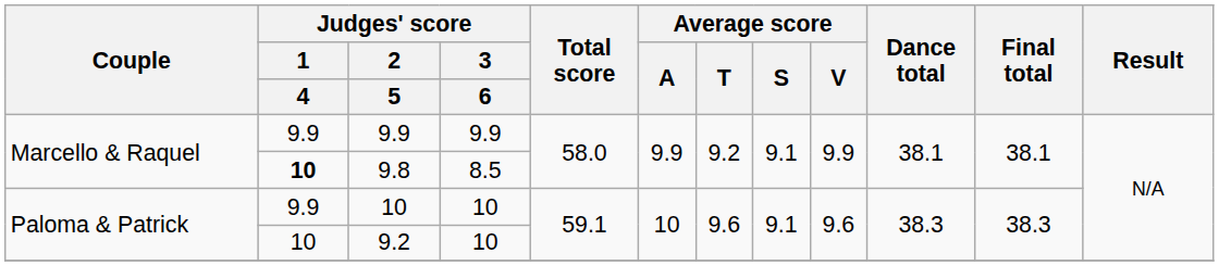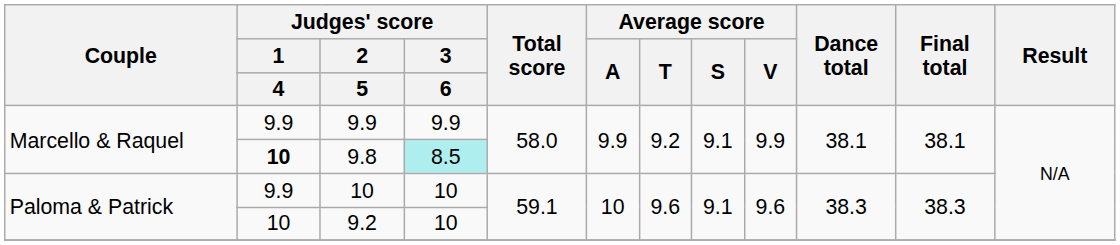 <table class="wikitable" style="font-size:90%; line-height:16px; text-align:center" width="85%">
 <tr>
 <th rowspan=3 width=150>Couple</th>
 <th colspan=3 width=200>Judges' score</th>
 <th rowspan=3 width=060>Total score</th>
 <th colspan=4 width=150>Average score</th>
 <th rowspan=3 width=060>Dance total</th>
 <th rowspan=3 width=060>Final total</th>
 <th rowspan=3 width=075>Result</th>
 </tr>
 <tr>
 <th>1</th>
 <th>2</th>
 <th>3</th>
 <th rowspan=2>A</th>
 <th rowspan=2>T</th>
 <th rowspan=2>S</th>
 <th rowspan=2>V</th>
 </tr>
 <tr>
 <th>4</th>
 <th>5</th>
 <th>6</th>
 </tr>
 <tr>
 <td align="left" rowspan=2>Marcello & Raquel</td>
 <td>9.9</td>
 <td>9.9</td>
 <td>9.9</td>
 <td rowspan=2>58.0</td>
 <td rowspan=2>9.9</td>
 <td rowspan=2>9.2</td>
 <td rowspan=2>9.1</td>
 <td rowspan=2>9.9</td>
 <td rowspan=2>38.1</td>
 <td rowspan=2>38.1</td>
 <td rowspan=4><small>N/A</small></td>
 </tr>
 <tr>
 <td><strong>10</strong></td>
 <td>9.8</td>
-<td>8.5</td>
+<td style="background: paleturquoise;">8.5</td>
 </tr>
 <tr>
 <td align="left" rowspan=2>Paloma & Patrick</td>
 <td>9.9</td>
 <td>10</td>
 <td>10</td>
 <td rowspan=2>59.1</td>
 <td rowspan=2>10</td>
 <td rowspan=2>9.6</td>
 <td rowspan=2>9.1</td>
 <td rowspan=2>9.6</td>
 <td rowspan=2>38.3</td>
 <td rowspan=2>38.3</td>
 </tr>
 <tr>
 <td>10</td>
 <td>9.2</td>
 <td>10</td>
 </tr>
 <tr>
 </tr>
 </table>
